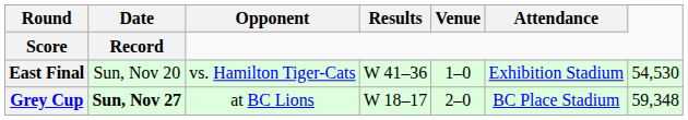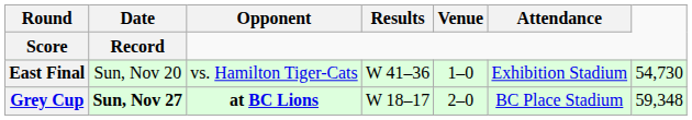 <table class="wikitable" style="text-align:center">
 <tr>
 <th>Round</th>
 <th>Date</th>
 <th>Opponent</th>
 <th>Results</th>
 <th>Venue</th>
 <th>Attendance</th>
 </tr>
 <tr>
 <th>Score</th>
 <th>Record</th>
 </tr>
 <tr style="background:#ddffdd">
 <th>East Final</th>
 <td>Sun, Nov 20</td>
 <td>vs. <a href='#'>Hamilton Tiger-Cats</a></td>
 <td>W 41–36</td>
 <td>1–0</td>
 <td><a href='#'>Exhibition Stadium</a></td>
-<td>54,530</td>
+<td>54,730</td>
 </tr>
 <tr style="background:#ddffdd">
 <th><a href='#'>Grey Cup</a></th>
 <td><strong>Sun, Nov 27</strong></td>
-<td>at <a href='#'>BC Lions</a></td>
+<td><strong>at <a href='#'>BC Lions</a></strong></td>
 <td>W 18–17</td>
 <td>2–0</td>
 <td><a href='#'>BC Place Stadium</a></td>
 <td>59,348</td>
 </tr>
 </table>
